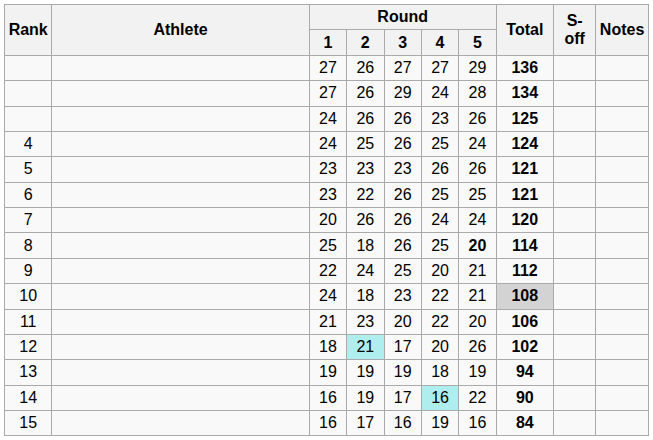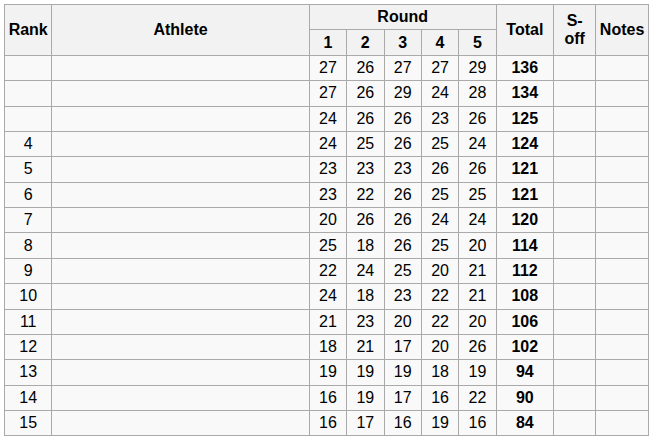 <table class="wikitable" style="text-align:center">
 <tr>
 <th rowspan=2 width=40>Rank</th>
 <th rowspan=2 width=250>Athlete</th>
 <th colspan=5>Round</th>
 <th rowspan=2 width=50>Total</th>
 <th rowspan=2 width=35>S-off</th>
 <th rowspan=2 width=45>Notes</th>
 </tr>
 <tr>
 <th width=30>1</th>
 <th width=30>2</th>
 <th width=30>3</th>
 <th width=30>4</th>
 <th width=30>5</th>
 </tr>
 <tr>
 <td></td>
 <td align=left></td>
 <td>27</td>
 <td>26</td>
 <td>27</td>
 <td>27</td>
 <td>29</td>
 <td><strong>136</strong></td>
 <td></td>
 <td></td>
 </tr>
 <tr>
 <td></td>
 <td align=left></td>
 <td>27</td>
 <td>26</td>
 <td>29</td>
 <td>24</td>
 <td>28</td>
 <td><strong>134</strong></td>
 <td></td>
 <td></td>
 </tr>
 <tr>
 <td></td>
 <td align=left></td>
 <td>24</td>
 <td>26</td>
 <td>26</td>
 <td>23</td>
 <td>26</td>
 <td><strong>125</strong></td>
 <td></td>
 <td></td>
 </tr>
 <tr>
 <td>4</td>
 <td align=left></td>
 <td>24</td>
 <td>25</td>
 <td>26</td>
 <td>25</td>
 <td>24</td>
 <td><strong>124</strong></td>
 <td></td>
 <td></td>
 </tr>
 <tr>
 <td>5</td>
 <td align=left></td>
 <td>23</td>
 <td>23</td>
 <td>23</td>
 <td>26</td>
 <td>26</td>
 <td><strong>121</strong></td>
 <td></td>
 <td></td>
 </tr>
 <tr>
 <td>6</td>
 <td align=left></td>
 <td>23</td>
 <td>22</td>
 <td>26</td>
 <td>25</td>
 <td>25</td>
 <td><strong>121</strong></td>
 <td></td>
 <td></td>
 </tr>
 <tr>
 <td>7</td>
 <td align=left></td>
 <td>20</td>
 <td>26</td>
 <td>26</td>
 <td>24</td>
 <td>24</td>
 <td><strong>120</strong></td>
 <td></td>
 <td></td>
 </tr>
 <tr>
 <td>8</td>
 <td align=left></td>
 <td>25</td>
 <td>18</td>
 <td>26</td>
 <td>25</td>
-<td><strong>20</strong></td>
+<td>20</td>
 <td><strong>114</strong></td>
 <td></td>
 <td></td>
 </tr>
 <tr>
 <td>9</td>
 <td align=left></td>
 <td>22</td>
 <td>24</td>
 <td>25</td>
 <td>20</td>
 <td>21</td>
 <td><strong>112</strong></td>
 <td></td>
 <td></td>
 </tr>
 <tr>
 <td>10</td>
 <td align=left></td>
 <td>24</td>
 <td>18</td>
 <td>23</td>
 <td>22</td>
 <td>21</td>
-<td style="background: lightgrey;"><strong>108</strong></td>
+<td><strong>108</strong></td>
 <td></td>
 <td></td>
 </tr>
 <tr>
 <td>11</td>
 <td align=left></td>
 <td>21</td>
 <td>23</td>
 <td>20</td>
 <td>22</td>
 <td>20</td>
 <td><strong>106</strong></td>
 <td></td>
 <td></td>
 </tr>
 <tr>
 <td>12</td>
 <td align=left></td>
 <td>18</td>
-<td style="background: paleturquoise;">21</td>
+<td>21</td>
 <td>17</td>
 <td>20</td>
 <td>26</td>
 <td><strong>102</strong></td>
 <td></td>
 <td></td>
 </tr>
 <tr>
 <td>13</td>
 <td align=left></td>
 <td>19</td>
 <td>19</td>
 <td>19</td>
 <td>18</td>
 <td>19</td>
 <td><strong>94</strong></td>
 <td></td>
 <td></td>
 </tr>
 <tr>
 <td>14</td>
 <td align=left></td>
 <td>16</td>
 <td>19</td>
 <td>17</td>
-<td style="background: paleturquoise;">16</td>
+<td>16</td>
 <td>22</td>
 <td><strong>90</strong></td>
 <td></td>
 <td></td>
 </tr>
 <tr>
 <td>15</td>
 <td align=left></td>
 <td>16</td>
 <td>17</td>
 <td>16</td>
 <td>19</td>
 <td>16</td>
 <td><strong>84</strong></td>
 <td></td>
 <td></td>
 </tr>
 </table>
